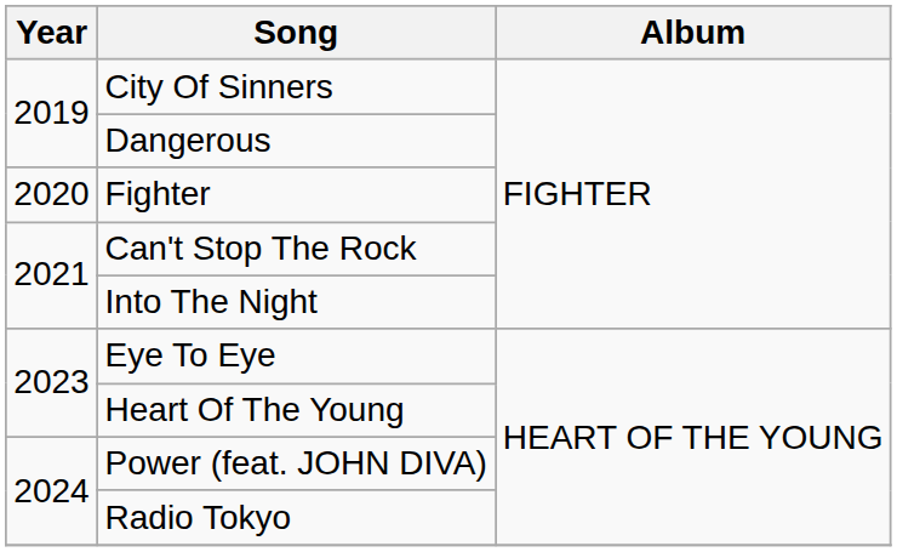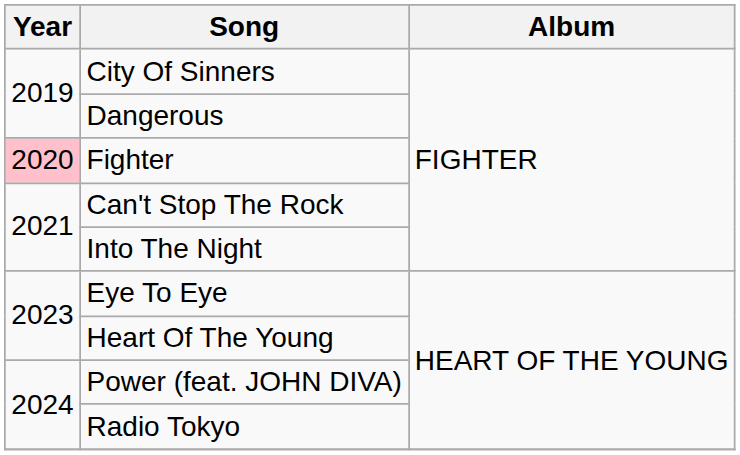 <table class="wikitable">
 <tr>
 <th>Year</th>
 <th>Song</th>
 <th>Album</th>
 </tr>
 <tr>
 <td rowspan="2">2019</td>
 <td>City Of Sinners</td>
 <td rowspan="5">FIGHTER</td>
 </tr>
 <tr>
 <td>Dangerous</td>
 </tr>
 <tr>
-<td>2020</td>
+<td style="background: pink;">2020</td>
 <td>Fighter</td>
 </tr>
 <tr>
 <td rowspan="2">2021</td>
 <td>Can't Stop The Rock</td>
 </tr>
 <tr>
 <td>Into The Night</td>
 </tr>
 <tr>
 <td rowspan="2">2023</td>
 <td>Eye To Eye</td>
 <td rowspan="4">HEART OF THE YOUNG</td>
 </tr>
 <tr>
 <td>Heart Of The Young</td>
 </tr>
 <tr>
 <td rowspan="2">2024</td>
 <td>Power (feat. JOHN DIVA)</td>
 </tr>
 <tr>
 <td>Radio Tokyo</td>
 </tr>
 <tr>
 </tr>
 </table>
